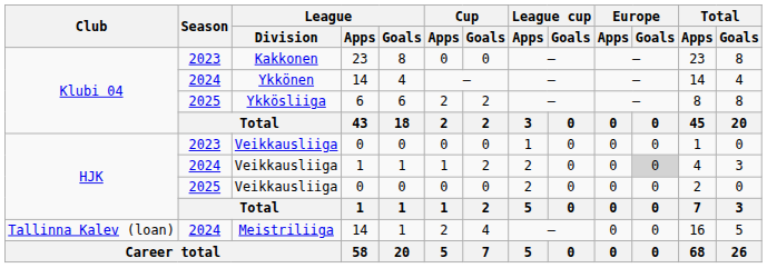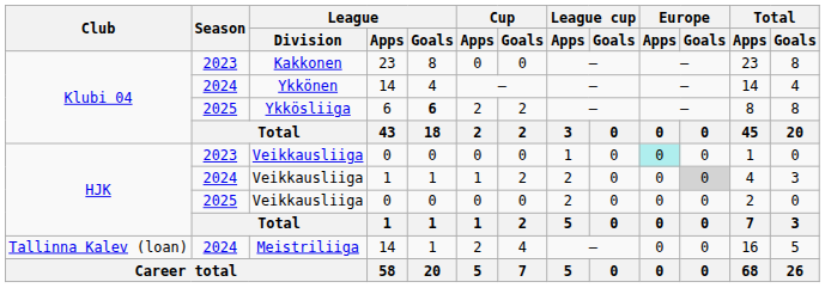 <table class="wikitable" style="text-align:center">
 <tr>
 <th rowspan="2">Club</th>
 <th rowspan="2">Season</th>
 <th colspan="3">League</th>
 <th colspan="2">Cup</th>
 <th colspan="2">League cup</th>
 <th colspan="2">Europe</th>
 <th colspan="2">Total</th>
 </tr>
 <tr>
 <th>Division</th>
 <th>Apps</th>
 <th>Goals</th>
 <th>Apps</th>
 <th>Goals</th>
 <th>Apps</th>
 <th>Goals</th>
 <th>Apps</th>
 <th>Goals</th>
 <th>Apps</th>
 <th>Goals</th>
 </tr>
 <tr>
 <td rowspan="4"><a href='#'>Klubi 04</a></td>
 <td><a href='#'>2023</a></td>
 <td><a href='#'>Kakkonen</a></td>
 <td>23</td>
 <td>8</td>
 <td>0</td>
 <td>0</td>
 <td colspan="2">—</td>
 <td colspan="2">—</td>
 <td>23</td>
 <td>8</td>
 </tr>
 <tr>
 <td><a href='#'>2024</a></td>
 <td><a href='#'>Ykkönen</a></td>
 <td>14</td>
 <td>4</td>
 <td colspan="2">—</td>
 <td colspan="2">—</td>
 <td colspan="2">—</td>
 <td>14</td>
 <td>4</td>
 </tr>
 <tr>
 <td><a href='#'>2025</a></td>
 <td><a href='#'>Ykkösliiga</a></td>
 <td>6</td>
-<td>6</td>
+<td><strong>6</strong></td>
 <td>2</td>
 <td>2</td>
 <td colspan="2">—</td>
 <td colspan="2">—</td>
 <td>8</td>
 <td>8</td>
 </tr>
 <tr>
 <th colspan="2">Total</th>
 <th>43</th>
 <th>18</th>
 <th>2</th>
 <th>2</th>
 <th>3</th>
 <th>0</th>
 <th>0</th>
 <th>0</th>
 <th>45</th>
 <th>20</th>
 </tr>
 <tr>
 <td rowspan=4><a href='#'>HJK</a></td>
 <td><a href='#'>2023</a></td>
 <td><a href='#'>Veikkausliiga</a></td>
 <td>0</td>
 <td>0</td>
 <td>0</td>
 <td>0</td>
 <td>1</td>
 <td>0</td>
-<td>0</td>
+<td style="background: paleturquoise;">0</td>
 <td>0</td>
 <td>1</td>
 <td>0</td>
 </tr>
 <tr>
 <td><a href='#'>2024</a></td>
 <td>Veikkausliiga</td>
 <td>1</td>
 <td>1</td>
 <td>1</td>
 <td>2</td>
 <td>2</td>
 <td>0</td>
 <td>0</td>
 <td style="background: lightgrey;">0</td>
 <td>4</td>
 <td>3</td>
 </tr>
 <tr>
 <td><a href='#'>2025</a></td>
 <td>Veikkausliiga</td>
 <td>0</td>
 <td>0</td>
 <td>0</td>
 <td>0</td>
 <td>2</td>
 <td>0</td>
 <td>0</td>
 <td>0</td>
 <td>2</td>
 <td>0</td>
 </tr>
 <tr>
 <th colspan="2">Total</th>
 <th>1</th>
 <th>1</th>
 <th>1</th>
 <th>2</th>
 <th>5</th>
 <th>0</th>
 <th>0</th>
 <th>0</th>
 <th>7</th>
 <th>3</th>
 </tr>
 <tr>
 <td><a href='#'>Tallinna Kalev</a> (loan)</td>
 <td><a href='#'>2024</a></td>
 <td><a href='#'>Meistriliiga</a></td>
 <td>14</td>
 <td>1</td>
 <td>2</td>
 <td>4</td>
 <td colspan=2>–</td>
 <td>0</td>
 <td>0</td>
 <td>16</td>
 <td>5</td>
 </tr>
 <tr>
 <th colspan="3">Career total</th>
 <th>58</th>
 <th>20</th>
 <th>5</th>
 <th>7</th>
 <th>5</th>
 <th>0</th>
 <th>0</th>
 <th>0</th>
 <th>68</th>
 <th>26</th>
 </tr>
 </table>
